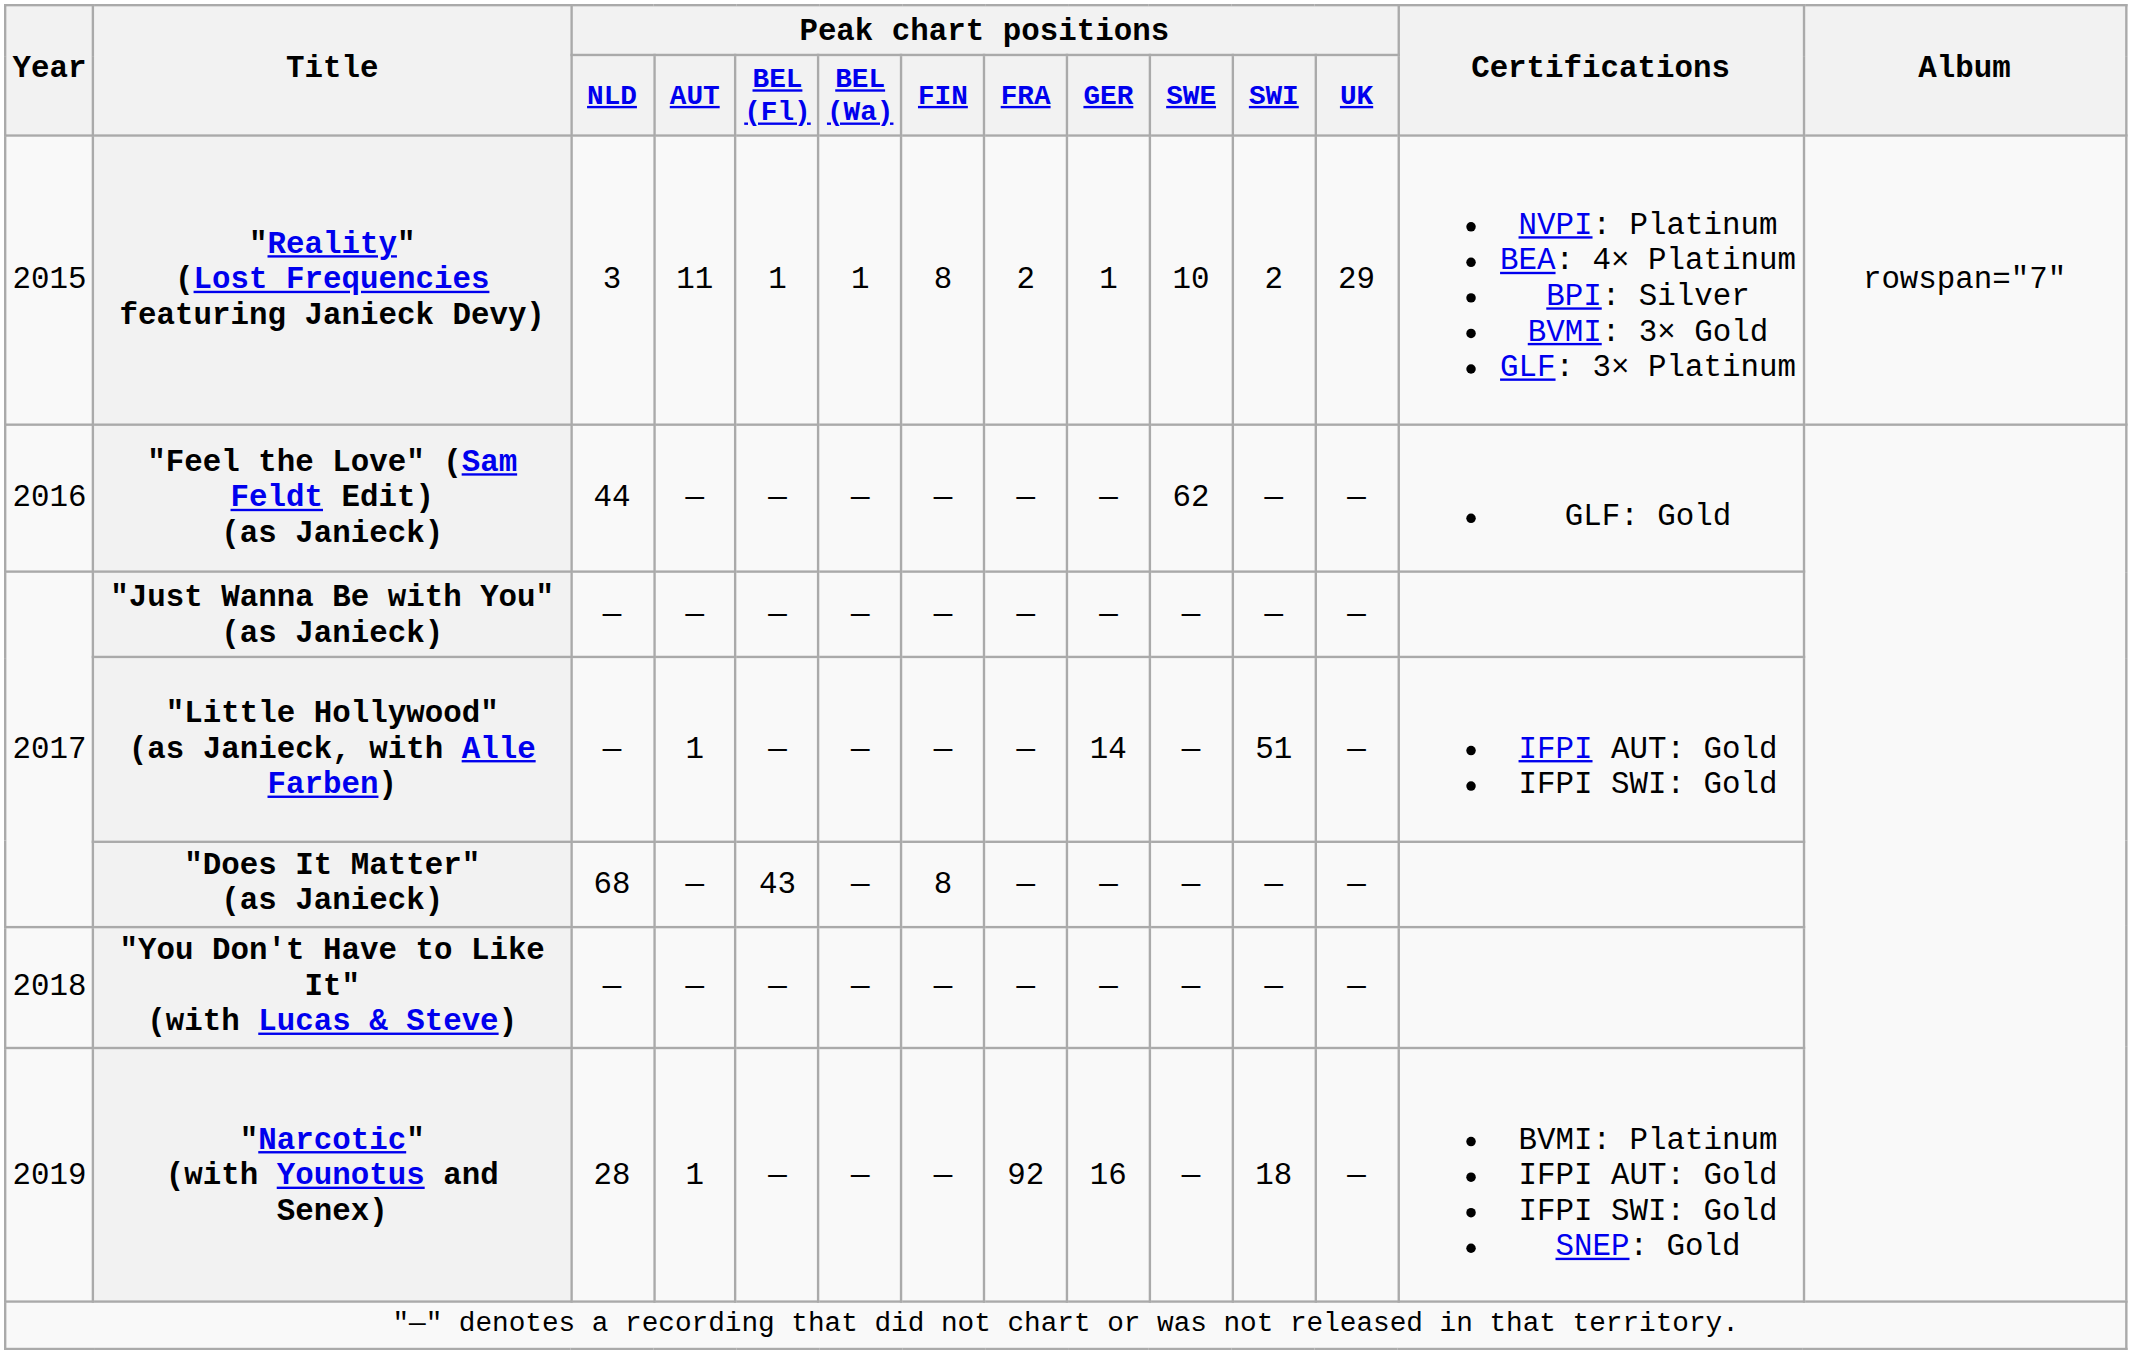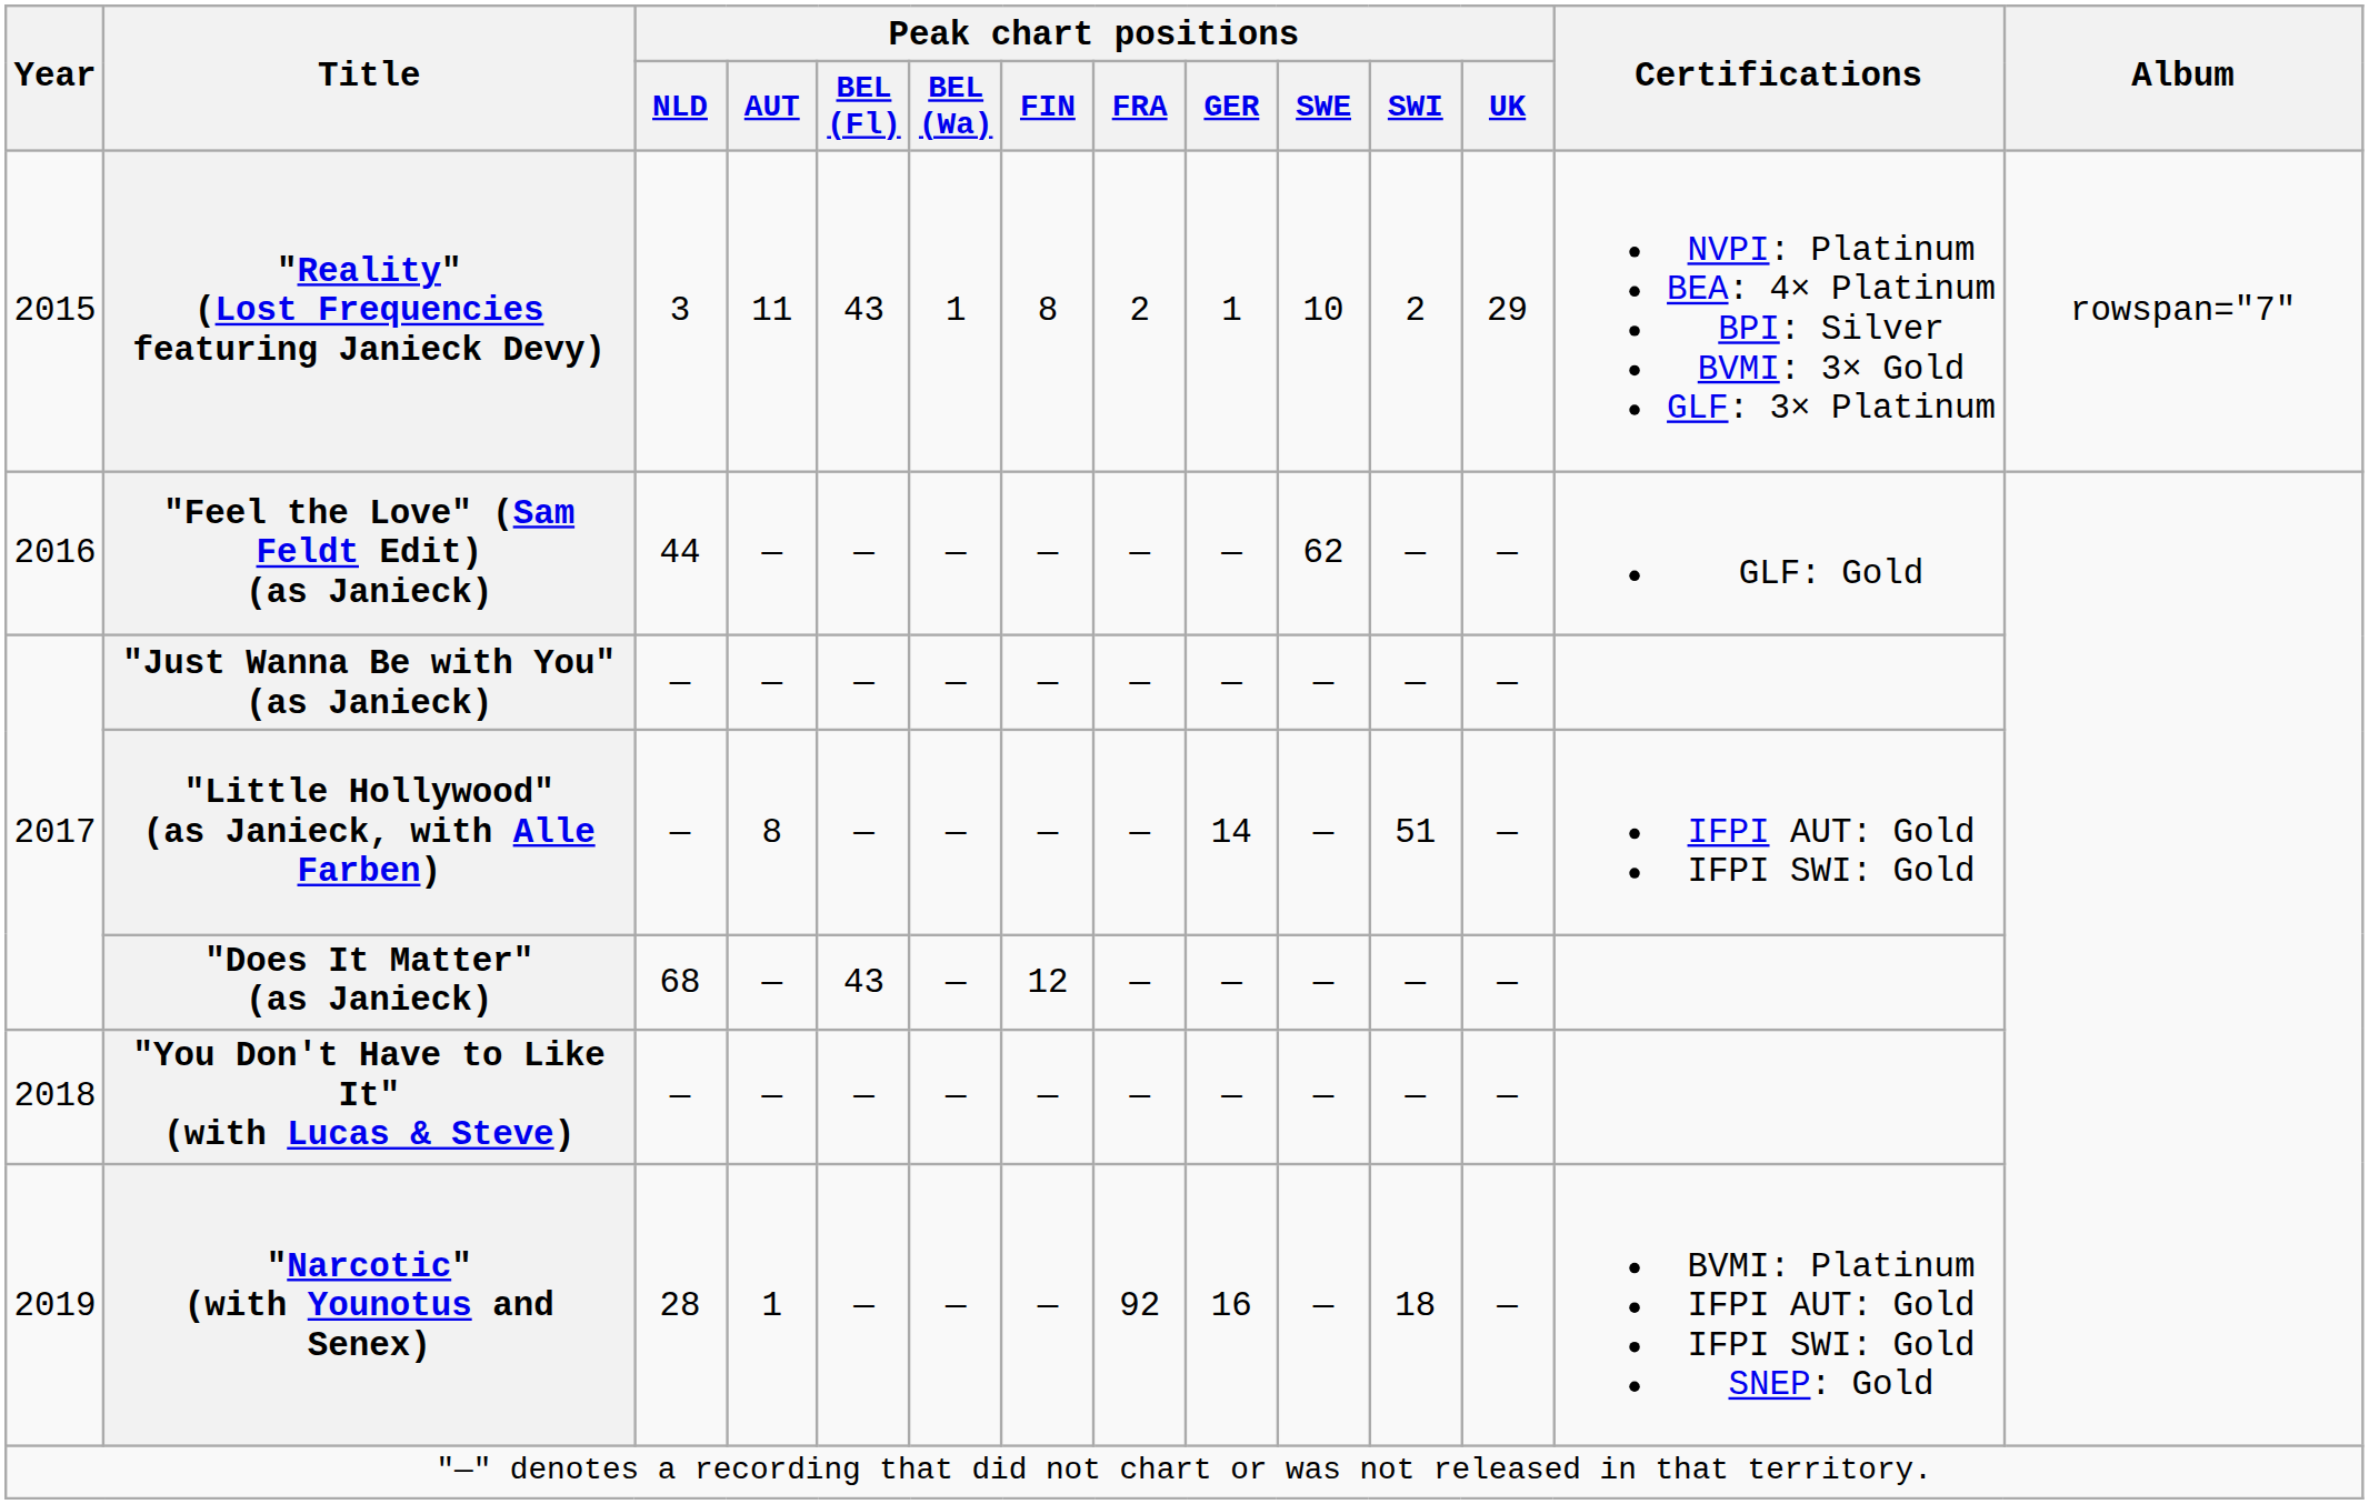 <table class="wikitable plainrowheaders" style="text-align:center;">
 <tr>
 <th scope="col" rowspan="2" style="width:1em;">Year</th>
 <th scope="col" rowspan="2" style="width:15em;">Title</th>
 <th scope="col" colspan="10">Peak chart positions</th>
 <th scope="col" rowspan="2">Certifications</th>
 <th scope="col" rowspan="2" style="width:10em;">Album</th>
 </tr>
 <tr>
 <th scope="col" style="width:2.5em;font-size:90%;"><a href='#'>NLD</a><br></th>
 <th scope="col" style="width:2.5em;font-size:90%;"><a href='#'>AUT</a><br></th>
 <th scope="col" style="width:2.5em;font-size:90%;"><a href='#'>BEL (Fl)</a><br></th>
 <th scope="col" style="width:2.5em;font-size:90%;"><a href='#'>BEL (Wa)</a><br></th>
 <th scope="col" style="width:2.5em;font-size:90%;"><a href='#'>FIN</a><br></th>
 <th scope="col" style="width:2.5em;font-size:90%;"><a href='#'>FRA</a><br></th>
 <th scope="col" style="width:2.5em;font-size:90%;"><a href='#'>GER</a><br></th>
 <th scope="col" style="width:2.5em;font-size:90%;"><a href='#'>SWE</a><br></th>
 <th scope="col" style="width:2.5em;font-size:90%;"><a href='#'>SWI</a><br></th>
 <th scope="col" style="width:2.5em;font-size:90%;"><a href='#'>UK</a><br></th>
 </tr>
 <tr>
 <td>2015</td>
 <th scope="row">"<a href='#'>Reality</a>" <br><span>(<a href='#'>Lost Frequencies</a> featuring Janieck Devy)</span></th>
 <td>3</td>
 <td>11</td>
-<td>1</td>
+<td>43</td>
 <td>1</td>
 <td>8</td>
 <td>2</td>
 <td>1</td>
 <td>10</td>
 <td>2</td>
 <td>29</td>
 <td><br><ul><li><a href='#'>NVPI</a>: Platinum</li><li><a href='#'>BEA</a>: 4× Platinum</li><li><a href='#'>BPI</a>: Silver</li><li><a href='#'>BVMI</a>: 3× Gold</li><li><a href='#'>GLF</a>: 3× Platinum</li></ul></td>
 <td>rowspan="7" </td>
 </tr>
 <tr>
 <td>2016</td>
 <th scope="row">"Feel the Love" (<a href='#'>Sam Feldt</a> Edit) <br><span>(as Janieck)</span></th>
 <td>44</td>
 <td>—</td>
 <td>—</td>
 <td>—</td>
 <td>—</td>
 <td>—</td>
 <td>—</td>
 <td>62</td>
 <td>—</td>
 <td>—</td>
 <td><br><ul><li>GLF: Gold</li></ul></td>
 </tr>
 <tr>
 <td rowspan="3">2017</td>
 <th scope="row">"Just Wanna Be with You" <br><span>(as Janieck)</span></th>
 <td>—</td>
 <td>—</td>
 <td>—</td>
 <td>—</td>
 <td>—</td>
 <td>—</td>
 <td>—</td>
 <td>—</td>
 <td>—</td>
 <td>—</td>
 <td></td>
 </tr>
 <tr>
 <th scope="row">"Little Hollywood" <br><span>(as Janieck, with <a href='#'>Alle Farben</a>)</span></th>
 <td>—</td>
-<td>1</td>
+<td>8</td>
 <td>—</td>
 <td>—</td>
 <td>—</td>
 <td>—</td>
 <td>14</td>
 <td>—</td>
 <td>51</td>
 <td>—</td>
 <td><br><ul><li><a href='#'>IFPI</a> AUT: Gold</li><li>IFPI SWI: Gold</li></ul></td>
 </tr>
 <tr>
 <th scope="row">"Does It Matter" <br><span>(as Janieck)</span></th>
 <td>68</td>
 <td>—</td>
 <td>43</td>
 <td>—</td>
-<td>8</td>
+<td>12<br></td>
 <td>—</td>
 <td>—</td>
 <td>—</td>
 <td>—</td>
 <td>—</td>
 <td></td>
 </tr>
 <tr>
 <td>2018</td>
 <th scope="row">"You Don't Have to Like It" <br><span>(with <a href='#'>Lucas & Steve</a>)</span></th>
 <td>—</td>
 <td>—</td>
 <td>—</td>
 <td>—</td>
 <td>—</td>
 <td>—</td>
 <td>—</td>
 <td>—</td>
 <td>—</td>
 <td>—</td>
 <td></td>
 </tr>
 <tr>
 <td>2019</td>
 <th scope="row">"<a href='#'>Narcotic</a>" <br><span>(with <a href='#'>Younotus</a> and Senex)</span></th>
 <td>28</td>
 <td>1</td>
 <td>—</td>
 <td>—</td>
 <td>—</td>
 <td>92<br></td>
 <td>16</td>
 <td>—</td>
 <td>18</td>
 <td>—</td>
 <td><br><ul><li>BVMI: Platinum</li><li>IFPI AUT: Gold</li><li>IFPI SWI: Gold</li><li><a href='#'>SNEP</a>: Gold</li></ul></td>
 </tr>
 <tr>
 <td colspan="14" style="font-size:90%">"—" denotes a recording that did not chart or was not released in that territory.</td>
 </tr>
 </table>
